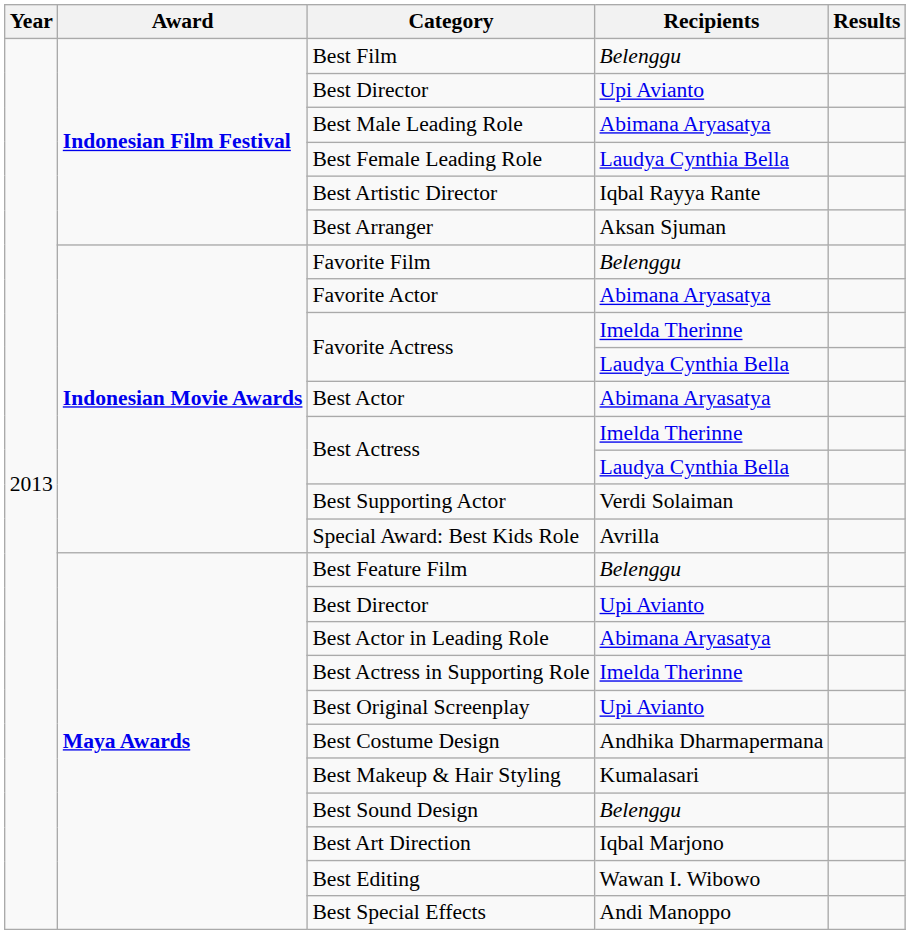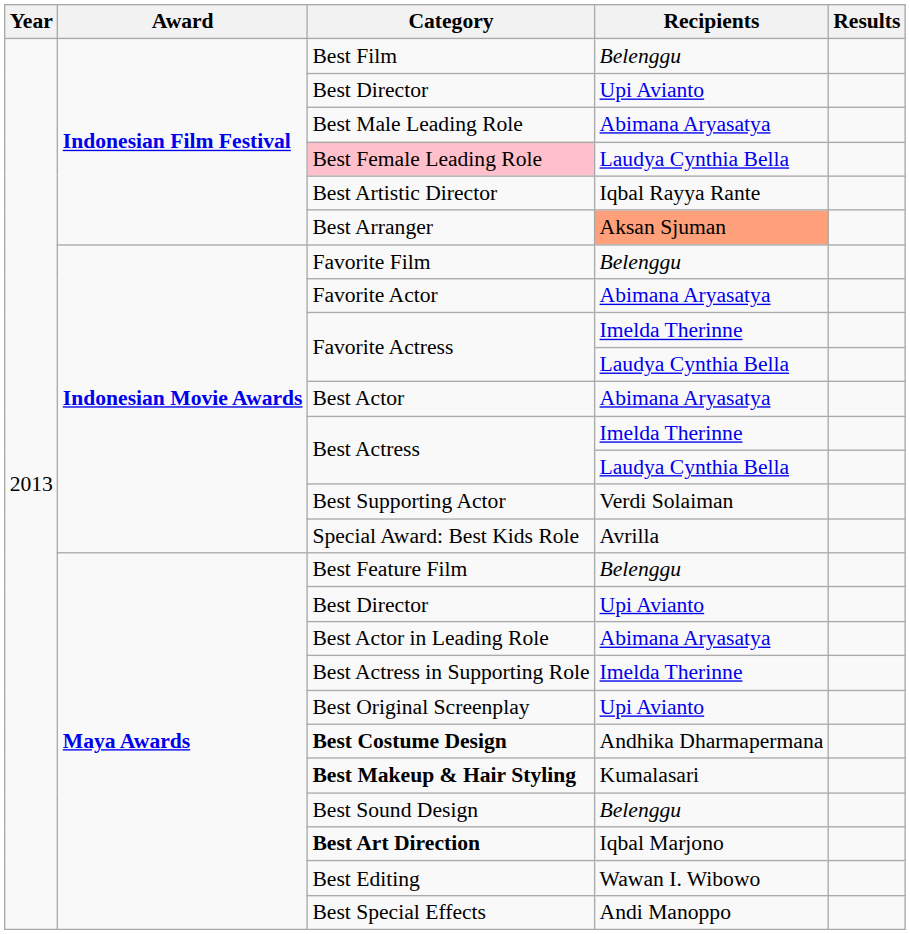 <table class="wikitable">
 <tr>
 <th>Year</th>
 <th>Award</th>
 <th>Category</th>
 <th>Recipients</th>
 <th>Results</th>
 </tr>
 <tr>
 <td rowspan= "26">2013</td>
 <td rowspan= "6"><strong><a href='#'>Indonesian Film Festival</a></strong></td>
 <td>Best Film</td>
 <td><em>Belenggu</em></td>
 <td></td>
 </tr>
 <tr>
 <td>Best Director</td>
 <td><a href='#'>Upi Avianto</a></td>
 <td></td>
 </tr>
 <tr>
 <td>Best Male Leading Role</td>
 <td><a href='#'>Abimana Aryasatya</a></td>
 <td></td>
 </tr>
 <tr>
-<td>Best Female Leading Role</td>
+<td style="background: pink;">Best Female Leading Role</td>
 <td><a href='#'>Laudya Cynthia Bella</a></td>
 <td></td>
 </tr>
 <tr>
 <td>Best Artistic Director</td>
 <td>Iqbal Rayya Rante</td>
 <td></td>
 </tr>
 <tr>
 <td>Best Arranger</td>
-<td>Aksan Sjuman</td>
+<td style="background: lightsalmon;">Aksan Sjuman</td>
 <td></td>
 </tr>
 <tr>
 <td rowspan= "9"><strong><a href='#'>Indonesian Movie Awards</a></strong></td>
 <td>Favorite Film</td>
 <td><em>Belenggu</em></td>
 <td></td>
 </tr>
 <tr>
 <td>Favorite Actor</td>
 <td><a href='#'>Abimana Aryasatya</a></td>
 <td></td>
 </tr>
 <tr>
 <td rowspan= "2">Favorite Actress</td>
 <td><a href='#'>Imelda Therinne</a></td>
 <td></td>
 </tr>
 <tr>
 <td><a href='#'>Laudya Cynthia Bella</a></td>
 <td></td>
 </tr>
 <tr>
 <td>Best Actor</td>
 <td><a href='#'>Abimana Aryasatya</a></td>
 <td></td>
 </tr>
 <tr>
 <td rowspan= "2">Best Actress</td>
 <td><a href='#'>Imelda Therinne</a></td>
 <td></td>
 </tr>
 <tr>
 <td><a href='#'>Laudya Cynthia Bella</a></td>
 <td></td>
 </tr>
 <tr>
 <td>Best Supporting Actor</td>
 <td>Verdi Solaiman</td>
 <td></td>
 </tr>
 <tr>
 <td>Special Award: Best Kids Role</td>
 <td>Avrilla</td>
 <td></td>
 </tr>
 <tr>
 <td rowspan= "11"><strong><a href='#'>Maya Awards</a></strong></td>
 <td>Best Feature Film</td>
 <td><em>Belenggu</em></td>
 <td></td>
 </tr>
 <tr>
 <td>Best Director</td>
 <td><a href='#'>Upi Avianto</a></td>
 <td></td>
 </tr>
 <tr>
 <td>Best Actor in Leading Role</td>
 <td><a href='#'>Abimana Aryasatya</a></td>
 <td></td>
 </tr>
 <tr>
 <td>Best Actress in Supporting Role</td>
 <td><a href='#'>Imelda Therinne</a></td>
 <td></td>
 </tr>
 <tr>
 <td>Best Original Screenplay</td>
 <td><a href='#'>Upi Avianto</a></td>
 <td></td>
 </tr>
 <tr>
-<td>Best Costume Design</td>
+<td><strong>Best Costume Design</strong></td>
 <td>Andhika Dharmapermana</td>
 <td></td>
 </tr>
 <tr>
-<td>Best Makeup & Hair Styling</td>
+<td><strong>Best Makeup & Hair Styling</strong></td>
 <td>Kumalasari</td>
 <td></td>
 </tr>
 <tr>
 <td>Best Sound Design</td>
 <td><em>Belenggu</em></td>
 <td></td>
 </tr>
 <tr>
-<td>Best Art Direction</td>
+<td><strong>Best Art Direction</strong></td>
 <td>Iqbal Marjono</td>
 <td></td>
 </tr>
 <tr>
 <td>Best Editing</td>
 <td>Wawan I. Wibowo</td>
 <td></td>
 </tr>
 <tr>
 <td>Best Special Effects</td>
 <td>Andi Manoppo</td>
 <td></td>
 </tr>
 </table>
